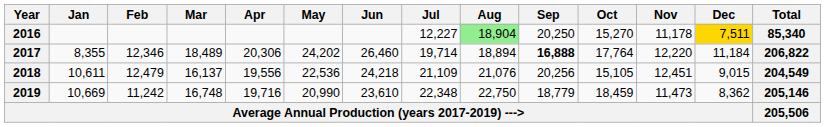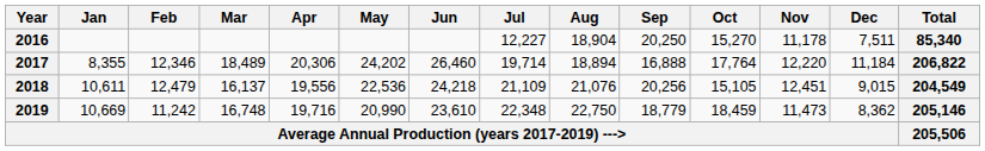 <table class=wikitable style="text-align:right; font-size:0.9em; width:950px;">
 <tr>
 <th>Year</th>
 <th>Jan</th>
 <th>Feb</th>
 <th>Mar</th>
 <th>Apr</th>
 <th>May</th>
 <th>Jun</th>
 <th>Jul</th>
 <th>Aug</th>
 <th>Sep</th>
 <th>Oct</th>
 <th>Nov</th>
 <th>Dec</th>
 <th>Total</th>
 </tr>
 <tr>
 <th>2016</th>
 <td></td>
 <td></td>
 <td></td>
 <td></td>
 <td></td>
 <td></td>
 <td>12,227</td>
-<td style="background: lightgreen;">18,904</td>
+<td>18,904</td>
 <td>20,250</td>
 <td>15,270</td>
 <td>11,178</td>
-<td style="background: gold;">7,511</td>
+<td>7,511</td>
 <th>85,340</th>
 </tr>
 <tr>
 <th>2017</th>
 <td>8,355</td>
 <td>12,346</td>
 <td>18,489</td>
 <td>20,306</td>
 <td>24,202</td>
 <td>26,460</td>
 <td>19,714</td>
 <td>18,894</td>
-<td><strong>16,888</strong></td>
+<td>16,888</td>
 <td>17,764</td>
 <td>12,220</td>
 <td>11,184</td>
 <th>206,822</th>
 </tr>
 <tr>
 <th>2018</th>
 <td>10,611</td>
 <td>12,479</td>
 <td>16,137</td>
 <td>19,556</td>
 <td>22,536</td>
 <td>24,218</td>
 <td>21,109</td>
 <td>21,076</td>
 <td>20,256</td>
 <td>15,105</td>
 <td>12,451</td>
 <td>9,015</td>
 <th>204,549</th>
 </tr>
 <tr>
 <th>2019</th>
 <td>10,669</td>
 <td>11,242</td>
 <td>16,748</td>
 <td>19,716</td>
 <td>20,990</td>
 <td>23,610</td>
 <td>22,348</td>
 <td>22,750</td>
 <td>18,779</td>
 <td>18,459</td>
 <td>11,473</td>
 <td>8,362</td>
 <th>205,146</th>
 </tr>
 <tr>
 <th colspan=13>Average Annual Production (years 2017-2019) ---></th>
 <th>205,506</th>
 </tr>
 </table>
